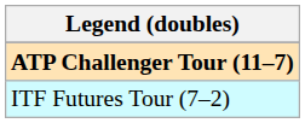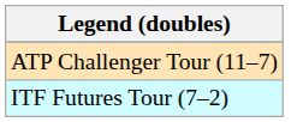 <table class="wikitable sortable mw-collapsible">
 <tr>
 <th>Legend (doubles)</th>
 </tr>
 <tr bgcolor=e5d1cb>
 </tr>
 <tr bgcolor=moccasin>
-<td><strong>ATP Challenger Tour (11–7)</strong></td>
+<td>ATP Challenger Tour (11–7)</td>
 </tr>
 <tr bgcolor=cffcff>
 <td>ITF Futures Tour (7–2)</td>
 </tr>
 </table>
